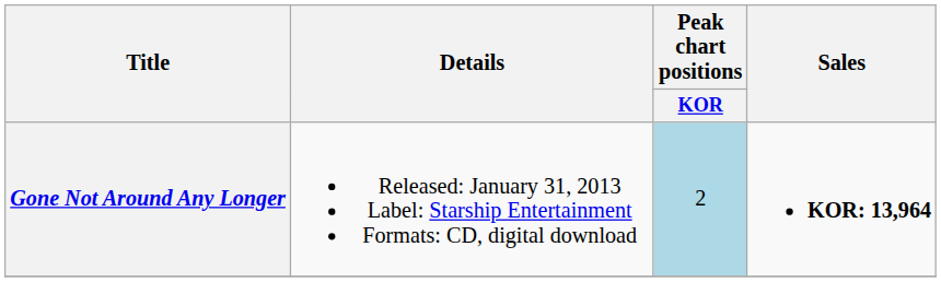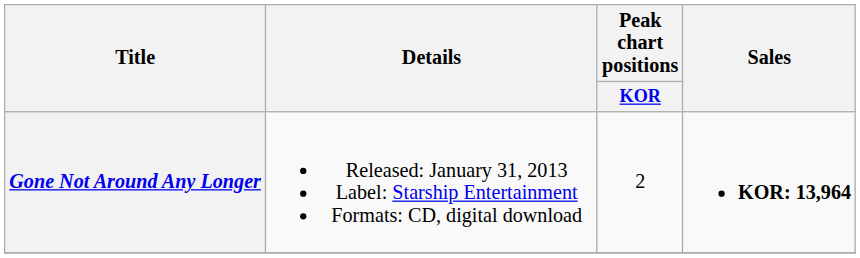 <table class="wikitable plainrowheaders" style="text-align:center">
 <tr>
 <th scope="col" rowspan="2">Title</th>
 <th scope="col" rowspan="2" style="width:16em">Details</th>
 <th scope="col">Peak chart positions</th>
 <th scope="col" rowspan="2">Sales</th>
 </tr>
 <tr>
 <th scope="col" style="width:3em;font-size:90%"><a href='#'>KOR</a><br></th>
 </tr>
 <tr>
 <th scope="row"><em><a href='#'>Gone Not Around Any Longer</a></em></th>
 <td><br><ul><li>Released: January 31, 2013</li><li>Label: <a href='#'>Starship Entertainment</a></li><li>Formats: CD, digital download</li></ul></td>
-<td style="background: lightblue;">2</td>
+<td>2</td>
 <td><strong><br><ul><li>KOR: 13,964</li></ul></strong></td>
 </tr>
 <tr>
 </tr>
 </table>
